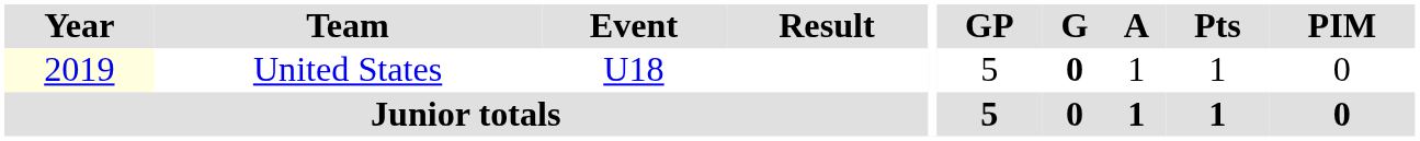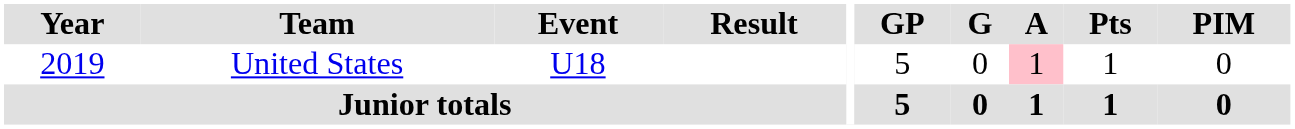 <table border="0" cellpadding="1" cellspacing="0" ID="Table3" style="text-align:center; width:40em">
 <tr ALIGN="center" bgcolor="#e0e0e0">
 <th>Year</th>
 <th>Team</th>
 <th>Event</th>
 <th>Result</th>
 <th rowspan="99" bgcolor="#ffffff"></th>
 <th>GP</th>
 <th>G</th>
 <th>A</th>
 <th>Pts</th>
 <th>PIM</th>
 </tr>
 <tr>
-<td style="background: lightyellow;"><a href='#'>2019</a></td>
+<td><a href='#'>2019</a></td>
 <td><a href='#'>United States</a></td>
 <td><a href='#'>U18</a></td>
 <td></td>
 <td>5</td>
-<td><strong>0</strong></td>
-<td>1</td>
+<td>0</td>
+<td style="background: pink;">1</td>
 <td>1</td>
 <td>0</td>
 </tr>
 <tr bgcolor="#e0e0e0">
 <th colspan="4">Junior totals</th>
 <th>5</th>
 <th>0</th>
 <th>1</th>
 <th>1</th>
 <th>0</th>
 </tr>
 </table>
